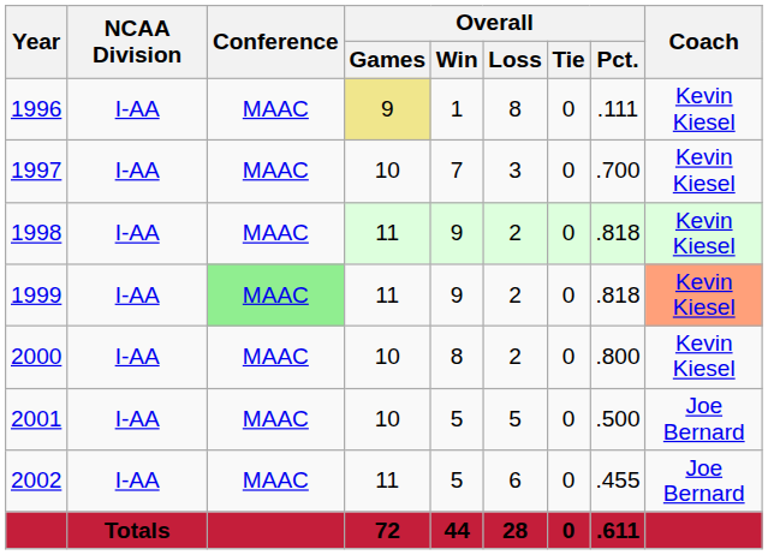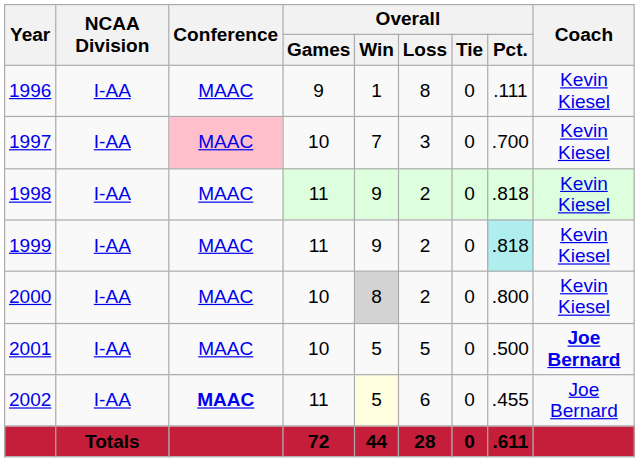 <table class="wikitable" style="text-align: center;" width=85%>
 <tr>
 <th rowspan=2>Year</th>
 <th rowspan=2>NCAA Division</th>
 <th rowspan=2>Conference</th>
 <th colspan="5">Overall</th>
 <th rowspan=2>Coach</th>
 </tr>
 <tr>
 <th>Games</th>
 <th>Win</th>
 <th>Loss</th>
 <th>Tie</th>
 <th>Pct.</th>
 </tr>
 <tr>
 <td><a href='#'>1996</a></td>
 <td><a href='#'>I-AA</a></td>
 <td><a href='#'>MAAC</a></td>
-<td style="background: khaki;">9</td>
+<td>9</td>
 <td>1</td>
 <td>8</td>
 <td>0</td>
 <td>.111</td>
 <td><a href='#'>Kevin Kiesel</a></td>
 </tr>
 <tr>
 <td><a href='#'>1997</a></td>
 <td><a href='#'>I-AA</a></td>
-<td><a href='#'>MAAC</a></td>
+<td style="background: pink;"><a href='#'>MAAC</a></td>
 <td>10</td>
 <td>7</td>
 <td>3</td>
 <td>0</td>
 <td>.700</td>
 <td><a href='#'>Kevin Kiesel</a></td>
 </tr>
 <tr>
 <td><a href='#'>1998</a></td>
 <td><a href='#'>I-AA</a></td>
 <td><a href='#'>MAAC</a></td>
 <td bgcolor="#DDFFDD">11</td>
 <td bgcolor="#DDFFDD">9</td>
 <td bgcolor="#DDFFDD">2</td>
 <td bgcolor="#DDFFDD">0</td>
 <td bgcolor="#DDFFDD">.818</td>
 <td bgcolor="#DDFFDD"><a href='#'>Kevin Kiesel</a></td>
 </tr>
 <tr>
 <td><a href='#'>1999</a></td>
 <td><a href='#'>I-AA</a></td>
-<td style="background: lightgreen;"><a href='#'>MAAC</a></td>
+<td><a href='#'>MAAC</a></td>
 <td>11</td>
 <td>9</td>
 <td>2</td>
 <td>0</td>
-<td>.818</td>
-<td style="background: lightsalmon;"><a href='#'>Kevin Kiesel</a></td>
+<td style="background: paleturquoise;">.818</td>
+<td><a href='#'>Kevin Kiesel</a></td>
 </tr>
 <tr>
 <td><a href='#'>2000</a></td>
 <td><a href='#'>I-AA</a></td>
 <td><a href='#'>MAAC</a></td>
 <td>10</td>
-<td>8</td>
+<td style="background: lightgrey;">8</td>
 <td>2</td>
 <td>0</td>
 <td>.800</td>
 <td><a href='#'>Kevin Kiesel</a></td>
 </tr>
 <tr>
 <td><a href='#'>2001</a></td>
 <td><a href='#'>I-AA</a></td>
 <td><a href='#'>MAAC</a></td>
 <td>10</td>
 <td>5</td>
 <td>5</td>
 <td>0</td>
 <td>.500</td>
-<td><a href='#'>Joe Bernard</a></td>
+<td><strong><a href='#'>Joe Bernard</a></strong></td>
 </tr>
 <tr>
 <td><a href='#'>2002</a></td>
 <td><a href='#'>I-AA</a></td>
-<td><a href='#'>MAAC</a></td>
+<td><strong><a href='#'>MAAC</a></strong></td>
 <td>11</td>
-<td>5</td>
+<td style="background: lightyellow;">5</td>
 <td>6</td>
 <td>0</td>
 <td>.455</td>
 <td><a href='#'>Joe Bernard</a></td>
 </tr>
 <tr>
 <td colspan=1 bgcolor="#C41E3A"></td>
 <td colspan=1 bgcolor="#C41E3A"><span><strong>Totals</strong></span></td>
 <td colspan=1 bgcolor="#C41E3A"></td>
 <td colspan=1 bgcolor="#C41E3A"><span><strong>72</strong></span></td>
 <td colspan=1 bgcolor="#C41E3A"><span><strong>44</strong></span></td>
 <td colspan=1 bgcolor="#C41E3A"><span><strong>28</strong></span></td>
 <td colspan=1 bgcolor="#C41E3A"><span><strong>0</strong></span></td>
 <td colspan=1 bgcolor="#C41E3A"><span><strong>.611</strong></span></td>
 <td colspan=1 bgcolor="#C41E3A"></td>
 </tr>
 </table>
